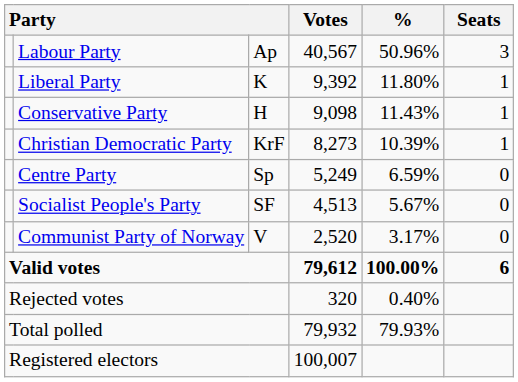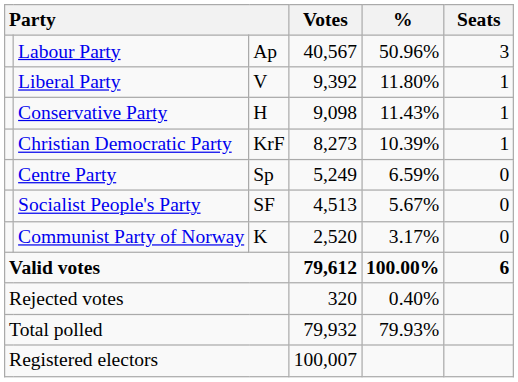 <table class="wikitable" border="1" style="text-align:right;">
 <tr>
 <th style="text-align:left;" colspan=3>Party</th>
 <th align=center width="50">Votes</th>
 <th align=center width="50">%</th>
 <th align=center width="50">Seats</th>
 </tr>
 <tr>
 <td style="color:inherit;background:"></td>
 <td align=left><a href='#'>Labour Party</a></td>
 <td align=left>Ap</td>
 <td>40,567</td>
 <td>50.96%</td>
 <td>3</td>
 </tr>
 <tr>
 <td style="color:inherit;background:"></td>
 <td align=left><a href='#'>Liberal Party</a></td>
-<td align=left>K</td>
+<td align=left>V</td>
 <td>9,392</td>
 <td>11.80%</td>
 <td>1</td>
 </tr>
 <tr>
 <td style="color:inherit;background:"></td>
 <td align=left><a href='#'>Conservative Party</a></td>
 <td align=left>H</td>
 <td>9,098</td>
 <td>11.43%</td>
 <td>1</td>
 </tr>
 <tr>
 <td style="color:inherit;background:"></td>
 <td align=left><a href='#'>Christian Democratic Party</a></td>
 <td align=left>KrF</td>
 <td>8,273</td>
 <td>10.39%</td>
 <td>1</td>
 </tr>
 <tr>
 <td style="color:inherit;background:"></td>
 <td align=left><a href='#'>Centre Party</a></td>
 <td align=left>Sp</td>
 <td>5,249</td>
 <td>6.59%</td>
 <td>0</td>
 </tr>
 <tr>
 <td style="color:inherit;background:"></td>
 <td align=left><a href='#'>Socialist People's Party</a></td>
 <td align=left>SF</td>
 <td>4,513</td>
 <td>5.67%</td>
 <td>0</td>
 </tr>
 <tr>
 <td style="color:inherit;background:"></td>
 <td align=left><a href='#'>Communist Party of Norway</a></td>
-<td align=left>V</td>
+<td align=left>K</td>
 <td>2,520</td>
 <td>3.17%</td>
 <td>0</td>
 </tr>
 <tr style="font-weight:bold">
 <td align=left colspan=3>Valid votes</td>
 <td>79,612</td>
 <td>100.00%</td>
 <td>6</td>
 </tr>
 <tr>
 <td align=left colspan=3>Rejected votes</td>
 <td>320</td>
 <td>0.40%</td>
 <td></td>
 </tr>
 <tr>
 <td align=left colspan=3>Total polled</td>
 <td>79,932</td>
 <td>79.93%</td>
 <td></td>
 </tr>
 <tr>
 <td align=left colspan=3>Registered electors</td>
 <td>100,007</td>
 <td></td>
 <td></td>
 </tr>
 </table>
